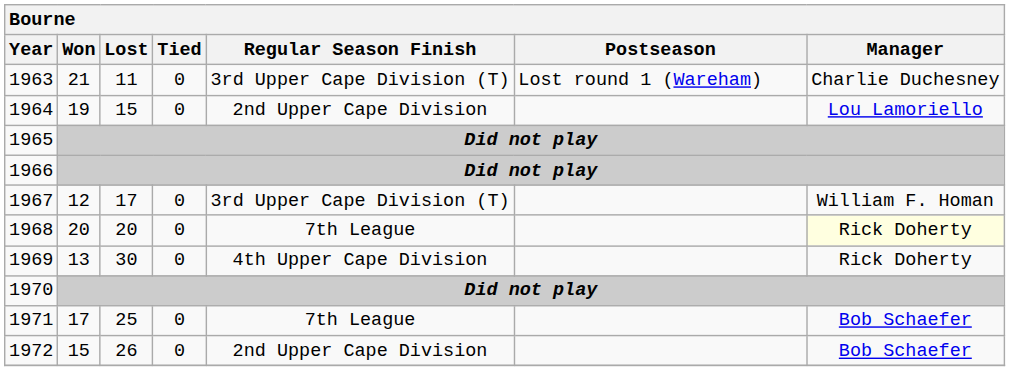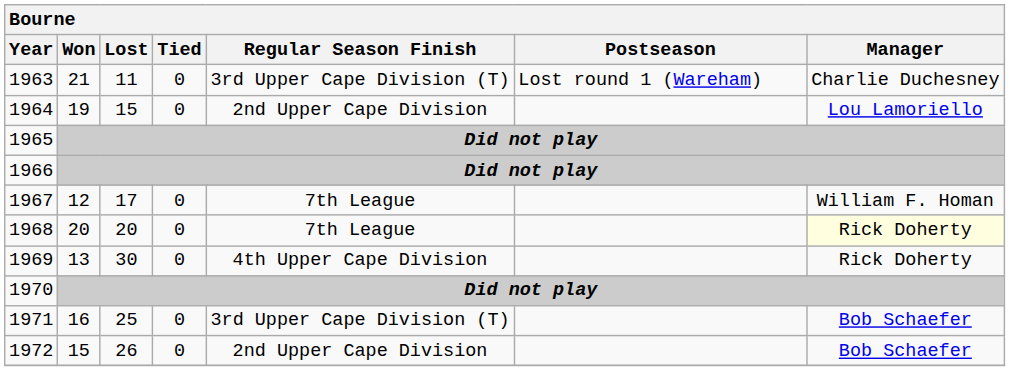 <table class="wikitable" style="text-align:center">
 <tr>
 <th style="text-align:left" colspan="7"><strong><span>Bourne</span></strong></th>
 </tr>
 <tr>
 <th>Year</th>
 <th>Won</th>
 <th>Lost</th>
 <th>Tied</th>
 <th>Regular Season Finish</th>
 <th style="width: 200px; ">Postseason</th>
 <th>Manager</th>
 </tr>
 <tr>
 <td>1963</td>
 <td>21</td>
 <td>11</td>
 <td>0</td>
 <td>3rd Upper Cape Division (T)</td>
 <td style="text-align:left">Lost round 1 (<a href='#'>Wareham</a>)</td>
 <td>Charlie Duchesney</td>
 </tr>
 <tr>
 <td>1964</td>
 <td>19</td>
 <td>15</td>
 <td>0</td>
 <td>2nd Upper Cape Division</td>
 <td></td>
 <td><a href='#'>Lou Lamoriello</a></td>
 </tr>
 <tr>
 <td>1965</td>
 <td colspan="6" align="center" bgcolor=#cccccc><strong><em>Did not play</em></strong></td>
 </tr>
 <tr>
 <td>1966</td>
 <td colspan="6" align="center" bgcolor=#cccccc><strong><em>Did not play</em></strong></td>
 </tr>
 <tr>
 <td>1967</td>
 <td>12</td>
 <td>17</td>
 <td>0</td>
-<td>3rd Upper Cape Division (T)</td>
+<td>7th League</td>
 <td></td>
 <td>William F. Homan</td>
 </tr>
 <tr>
 <td>1968</td>
 <td>20</td>
 <td>20</td>
 <td>0</td>
 <td>7th League</td>
 <td></td>
 <td style="background: lightyellow;">Rick Doherty</td>
 </tr>
 <tr>
 <td>1969</td>
 <td>13</td>
 <td>30</td>
 <td>0</td>
 <td>4th Upper Cape Division</td>
 <td></td>
 <td>Rick Doherty</td>
 </tr>
 <tr>
 <td>1970</td>
 <td colspan="6" align="center" bgcolor=#cccccc><strong><em>Did not play</em></strong></td>
 </tr>
 <tr>
 <td>1971</td>
-<td>17</td>
+<td>16</td>
 <td>25</td>
 <td>0</td>
-<td>7th League</td>
+<td>3rd Upper Cape Division (T)</td>
 <td></td>
 <td><a href='#'>Bob Schaefer</a></td>
 </tr>
 <tr>
 <td>1972</td>
 <td>15</td>
 <td>26</td>
 <td>0</td>
 <td>2nd Upper Cape Division</td>
 <td></td>
 <td><a href='#'>Bob Schaefer</a></td>
 </tr>
 <tr>
 </tr>
 </table>
